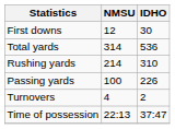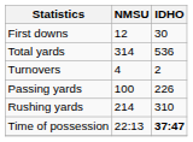 <table class="wikitable">
 <tr>
 <th>Statistics</th>
 <th>NMSU</th>
 <th>IDHO</th>
 </tr>
 <tr>
 <td>First downs</td>
 <td>12</td>
 <td>30</td>
 </tr>
 <tr>
 <td>Total yards</td>
 <td>314</td>
 <td>536</td>
 </tr>
 <tr>
-<td>Rushing yards</td>
-<td>214</td>
-<td>310</td>
+<td>Turnovers</td>
+<td>4</td>
+<td>2</td>
 </tr>
 <tr>
 <td>Passing yards</td>
 <td>100</td>
 <td>226</td>
 </tr>
 <tr>
-<td>Turnovers</td>
-<td>4</td>
-<td>2</td>
+<td>Rushing yards</td>
+<td>214</td>
+<td>310</td>
 </tr>
 <tr>
 <td>Time of possession</td>
 <td>22:13</td>
-<td>37:47</td>
+<td><strong>37:47</strong></td>
 </tr>
 <tr>
 </tr>
 </table>
